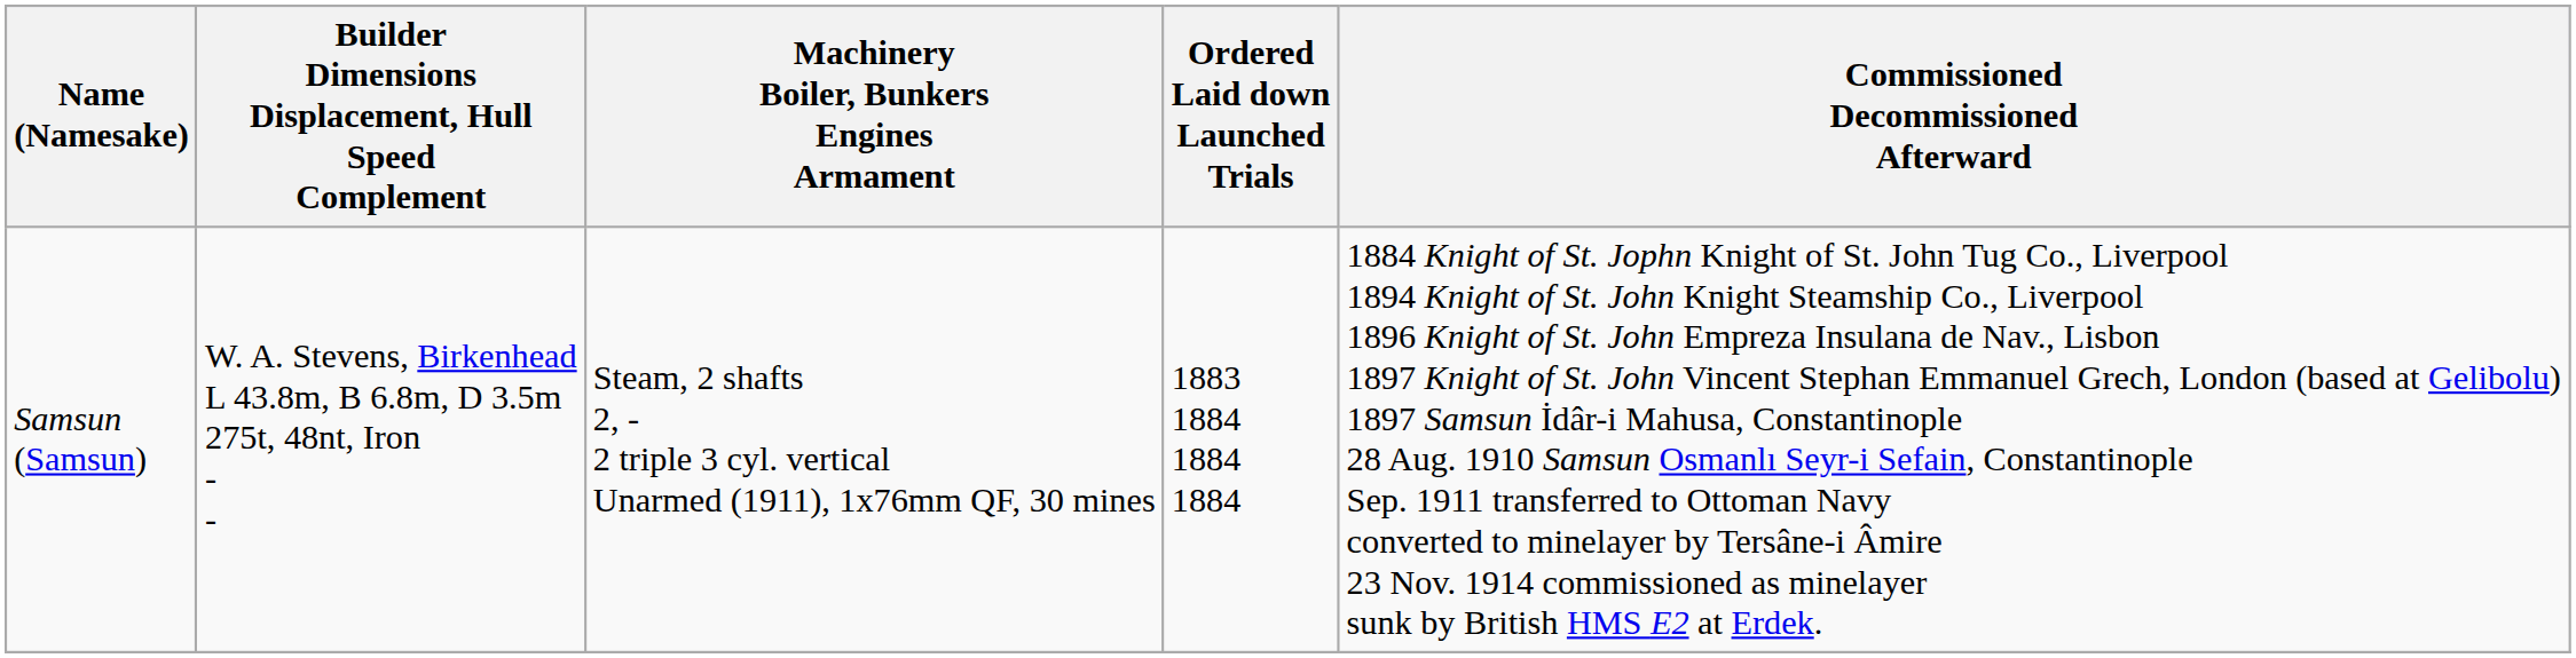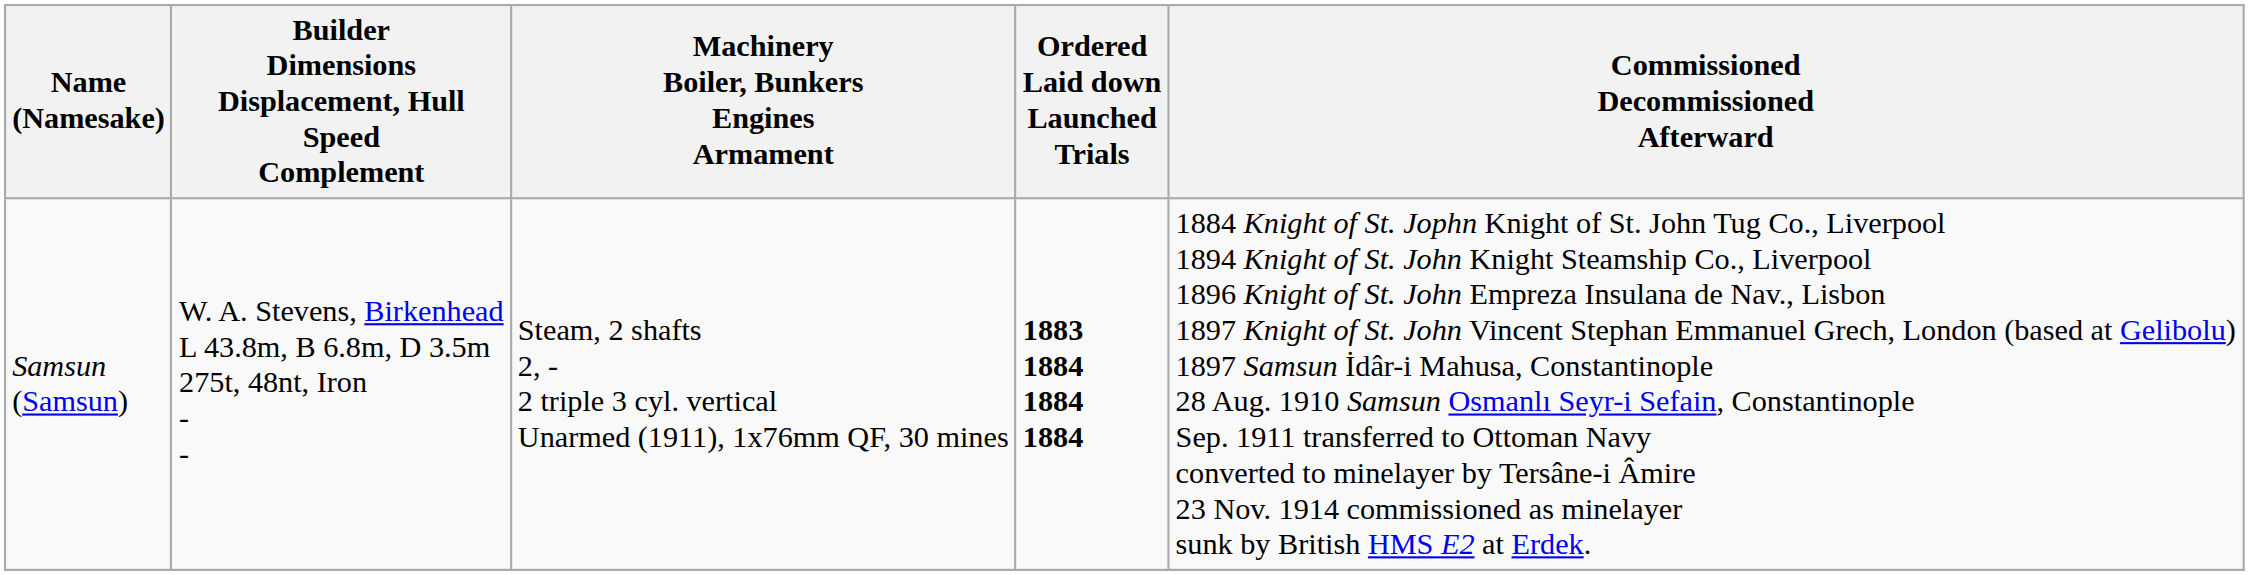 <table class="wikitable" style="font-size:90%;">
 <tr bgcolor="#e6e9ff">
 <th>Name<br>(Namesake)</th>
 <th>Builder<br>Dimensions<br>Displacement, Hull<br>Speed<br>Complement</th>
 <th>Machinery<br>Boiler, Bunkers<br>Engines<br>Armament</th>
 <th>Ordered<br>Laid down<br>Launched<br>Trials</th>
 <th>Commissioned<br>Decommissioned<br>Afterward</th>
 </tr>
 <tr ---->
 <td><em>Samsun</em><br>(<a href='#'>Samsun</a>)</td>
 <td> W. A. Stevens, <a href='#'>Birkenhead</a><br>L 43.8m, B 6.8m, D 3.5m<br>275t, 48nt, Iron<br>-<br>-</td>
 <td>Steam, 2 shafts<br>2, -<br>2 triple 3 cyl. vertical<br>Unarmed (1911), 1x76mm QF, 30 mines</td>
-<td>1883<br>1884<br>1884<br>1884</td>
+<td><strong>1883<br>1884<br>1884<br>1884</strong></td>
 <td>1884 <em>Knight of St. Jophn</em> Knight of St. John Tug Co., Liverpool<br>1894 <em>Knight of St. John</em> Knight Steamship Co., Liverpool<br>1896 <em>Knight of St. John</em> Empreza Insulana de Nav., Lisbon<br>1897 <em>Knight of St. John</em> Vincent Stephan Emmanuel Grech, London (based at <a href='#'>Gelibolu</a>)<br>1897 <em>Samsun</em> İdâr-i Mahusa, Constantinople<br>28 Aug. 1910 <em>Samsun</em> <a href='#'>Osmanlı Seyr-i Sefain</a>, Constantinople<br>Sep. 1911 transferred to Ottoman Navy<br>converted to minelayer by Tersâne-i Âmire<br>23 Nov. 1914 commissioned as minelayer<br>sunk by British <a href='#'>HMS <em>E2</em></a> at <a href='#'>Erdek</a>.</td>
 </tr>
 <tr ---->
 </tr>
 </table>
